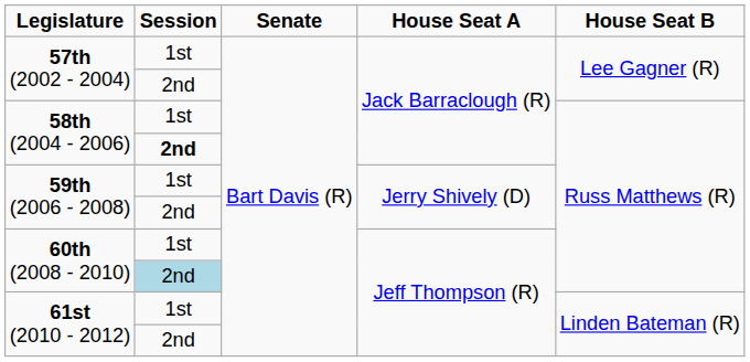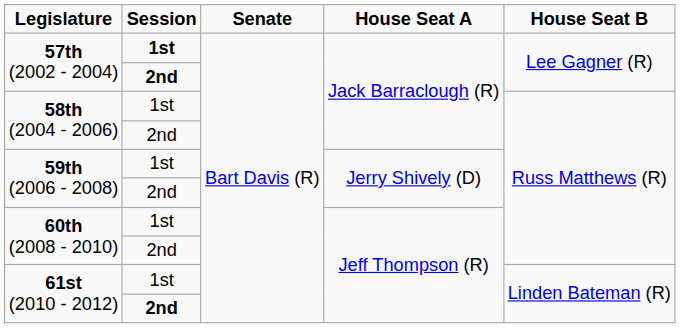 <table class=wikitable style="text-align:center">
 <tr>
 <td><strong>Legislature</strong></td>
 <td><strong>Session</strong></td>
 <td><strong>Senate</strong></td>
 <td><strong>House Seat A</strong></td>
 <td><strong>House Seat B</strong></td>
 </tr>
 <tr>
 <td rowspan="2" colspan="1" style="text-align: center;"><strong>57th</strong> <br> (2002 - 2004)</td>
-<td>1st</td>
+<td><strong>1st</strong></td>
 <td rowspan="10" colspan="1" style="text-align: center;" ><a href='#'>Bart Davis</a> (R)</td>
 <td rowspan="4" colspan="1" style="text-align: center;" ><a href='#'>Jack Barraclough</a> (R)</td>
 <td rowspan="2" colspan="1" style="text-align: center;" ><a href='#'>Lee Gagner</a> (R)</td>
 </tr>
 <tr>
-<td>2nd</td>
+<td><strong>2nd</strong></td>
 </tr>
 <tr>
 <td rowspan="2" colspan="1" style="text-align: center;"><strong>58th</strong> <br> (2004 - 2006)</td>
 <td>1st</td>
 <td rowspan="6" colspan="1" style="text-align: center;" ><a href='#'>Russ Matthews</a> (R)</td>
 </tr>
 <tr>
-<td><strong>2nd</strong></td>
+<td>2nd</td>
 </tr>
 <tr>
 <td rowspan="2" colspan="1" style="text-align: center;"><strong>59th</strong> <br> (2006 - 2008)</td>
 <td>1st</td>
 <td rowspan="2" colspan="1" style="text-align: center;" ><a href='#'>Jerry Shively</a> (D)</td>
 </tr>
 <tr>
 <td>2nd</td>
 </tr>
 <tr>
 <td rowspan="2" colspan="1" style="text-align: center;"><strong>60th</strong> <br> (2008 - 2010)</td>
 <td>1st</td>
 <td rowspan="4" colspan="1" style="text-align: center;" ><a href='#'>Jeff Thompson</a> (R)</td>
 </tr>
 <tr>
-<td style="background: lightblue;">2nd</td>
+<td>2nd</td>
 </tr>
 <tr>
 <td rowspan="2" colspan="1" style="text-align: center;"><strong>61st</strong> <br> (2010 - 2012)</td>
 <td>1st</td>
 <td rowspan="2" colspan="1" style="text-align: center;" ><a href='#'>Linden Bateman</a> (R)</td>
 </tr>
 <tr>
-<td>2nd</td>
+<td><strong>2nd</strong></td>
 </tr>
 </table>
